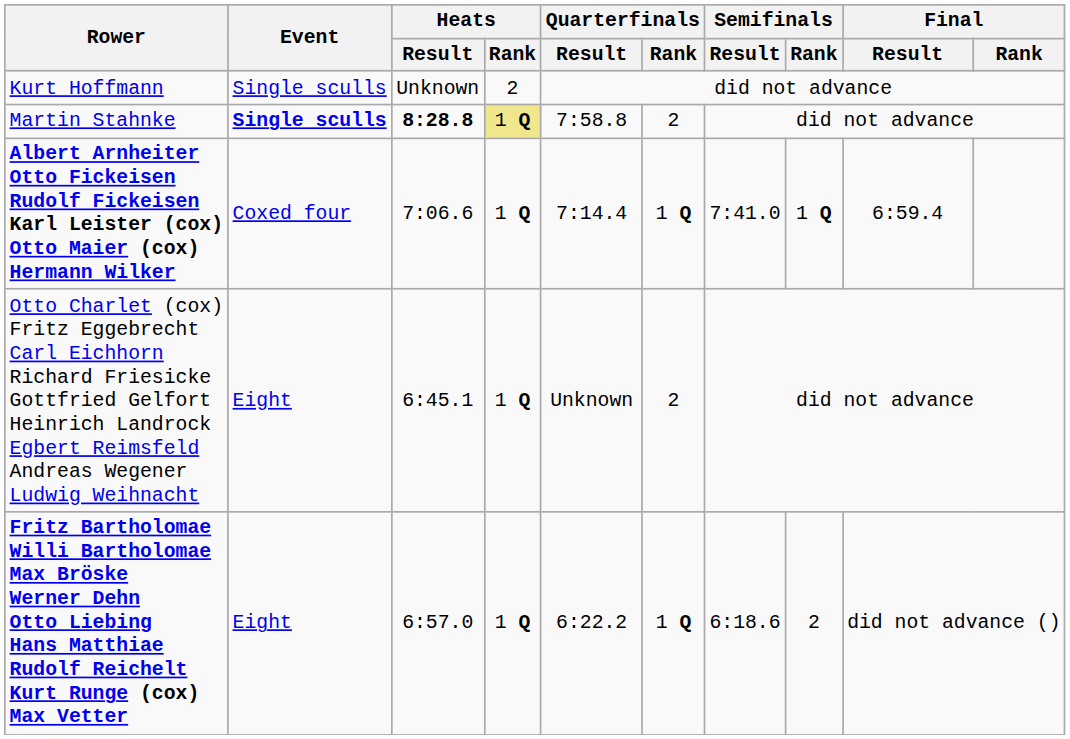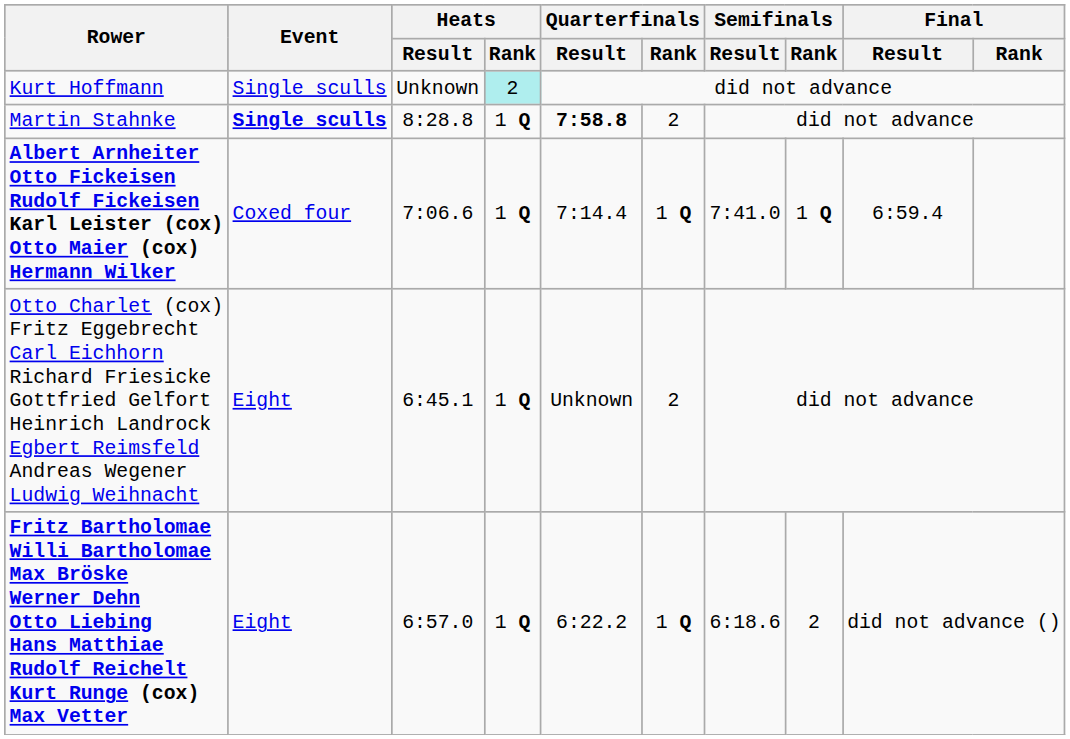 <table class=wikitable style="font-size:90%">
 <tr>
 <th rowspan=2>Rower</th>
 <th rowspan=2>Event</th>
 <th colspan=2>Heats</th>
 <th colspan=2>Quarterfinals</th>
 <th colspan=2>Semifinals</th>
 <th colspan=2>Final</th>
 </tr>
 <tr>
 <th>Result</th>
 <th>Rank</th>
 <th>Result</th>
 <th>Rank</th>
 <th>Result</th>
 <th>Rank</th>
 <th>Result</th>
 <th>Rank</th>
 </tr>
 <tr>
 <td><a href='#'>Kurt Hoffmann</a></td>
 <td><a href='#'>Single sculls</a></td>
 <td align=center>Unknown</td>
-<td align=center>2</td>
+<td align=center style="background: paleturquoise;">2</td>
 <td align=center colspan=6>did not advance</td>
 </tr>
 <tr>
 <td><a href='#'>Martin Stahnke</a></td>
 <td><strong><a href='#'>Single sculls</a></strong></td>
-<td align=center><strong>8:28.8</strong></td>
-<td align=center style="background: khaki;">1 <strong>Q</strong></td>
-<td align=center>7:58.8</td>
+<td align=center>8:28.8</td>
+<td align=center>1 <strong>Q</strong></td>
+<td align=center><strong>7:58.8</strong></td>
 <td align=center>2</td>
 <td align=center colspan=4>did not advance</td>
 </tr>
 <tr>
 <td><strong><a href='#'>Albert Arnheiter</a> <br> <a href='#'>Otto Fickeisen</a> <br> <a href='#'>Rudolf Fickeisen</a> <br> Karl Leister (cox) <br> <a href='#'>Otto Maier</a> (cox) <br> <a href='#'>Hermann Wilker</a></strong></td>
 <td><a href='#'>Coxed four</a></td>
 <td align=center>7:06.6</td>
 <td align=center>1 <strong>Q</strong></td>
 <td align=center>7:14.4</td>
 <td align=center>1 <strong>Q</strong></td>
 <td align=center>7:41.0</td>
 <td align=center>1 <strong>Q</strong></td>
 <td align=center>6:59.4</td>
 <td align=center></td>
 </tr>
 <tr>
 <td><a href='#'>Otto Charlet</a> (cox) <br> Fritz Eggebrecht <br> <a href='#'>Carl Eichhorn</a> <br> Richard Friesicke <br> Gottfried Gelfort <br> Heinrich Landrock <br> <a href='#'>Egbert Reimsfeld</a> <br> Andreas Wegener <br> <a href='#'>Ludwig Weihnacht</a></td>
 <td><a href='#'>Eight</a></td>
 <td align=center>6:45.1</td>
 <td align=center>1 <strong>Q</strong></td>
 <td align=center>Unknown</td>
 <td align=center>2</td>
 <td align=center colspan=4>did not advance</td>
 </tr>
 <tr>
 <td><strong><a href='#'>Fritz Bartholomae</a> <br> <a href='#'>Willi Bartholomae</a> <br> <a href='#'>Max Bröske</a> <br> <a href='#'>Werner Dehn</a> <br> <a href='#'>Otto Liebing</a> <br> <a href='#'>Hans Matthiae</a> <br> <a href='#'>Rudolf Reichelt</a> <br> <a href='#'>Kurt Runge</a> (cox) <br> <a href='#'>Max Vetter</a></strong></td>
 <td><a href='#'>Eight</a></td>
 <td align=center>6:57.0</td>
 <td align=center>1 <strong>Q</strong></td>
 <td align=center>6:22.2</td>
 <td align=center>1 <strong>Q</strong></td>
 <td align=center>6:18.6</td>
 <td align=center>2</td>
 <td align=center colspan=2>did not advance ()</td>
 </tr>
 </table>
